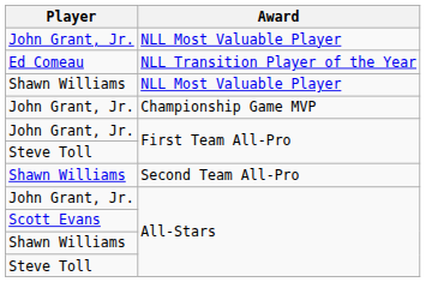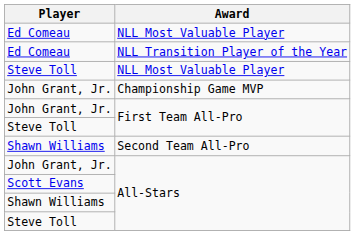 <table class="wikitable">
 <tr>
 <th>Player</th>
 <th>Award</th>
 </tr>
 <tr>
-<td><a href='#'>John Grant, Jr.</a></td>
+<td><a href='#'>Ed Comeau</a></td>
 <td><a href='#'>NLL Most Valuable Player</a></td>
 </tr>
 <tr>
 <td><a href='#'>Ed Comeau</a></td>
 <td><a href='#'>NLL Transition Player of the Year</a></td>
 </tr>
 <tr>
-<td>Shawn Williams</td>
+<td><a href='#'>Steve Toll</a></td>
 <td><a href='#'>NLL Most Valuable Player</a></td>
 </tr>
 <tr>
 <td>John Grant, Jr.</td>
 <td>Championship Game MVP</td>
 </tr>
 <tr>
 <td>John Grant, Jr.</td>
 <td rowspan=2>First Team All-Pro</td>
 </tr>
 <tr>
 <td>Steve Toll</td>
 </tr>
 <tr>
 <td><a href='#'>Shawn Williams</a></td>
 <td>Second Team All-Pro</td>
 </tr>
 <tr>
 <td>John Grant, Jr.</td>
 <td rowspan=4>All-Stars</td>
 </tr>
 <tr>
 <td><a href='#'>Scott Evans</a></td>
 </tr>
 <tr>
 <td>Shawn Williams</td>
 </tr>
 <tr>
 <td>Steve Toll</td>
 </tr>
 </table>
